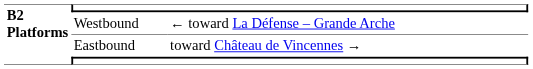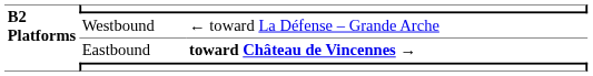 <table border=0 cellspacing=0 cellpadding=3>
 <tr>
 <td style="border-bottom:solid 1px gray;border-top:solid 1px gray;" rowspan=5 width=50 valign=top><strong>B2<br>Platforms</strong></td>
 <td style="border-top:solid 1px gray;border-right:solid 2px black;border-left:solid 2px black;border-bottom:solid 2px black;text-align:center;" colspan=2></td>
 </tr>
 <tr>
 <td style="border-bottom:solid 1px gray;" width=100>Westbound</td>
 <td style="border-bottom:solid 1px gray;" width=390>←   toward <a href='#'>La Défense – Grande Arche</a> </td>
 </tr>
 <tr>
 <td>Eastbound</td>
-<td>   toward <a href='#'>Château de Vincennes</a> →</td>
+<td><strong>   toward <a href='#'>Château de Vincennes</a> →</strong></td>
 </tr>
 <tr>
 <td style="border-top:solid 2px black;border-right:solid 2px black;border-left:solid 2px black;border-bottom:solid 1px gray;text-align:center;" colspan=2></td>
 </tr>
 </table>
